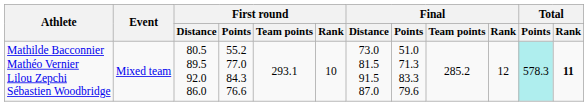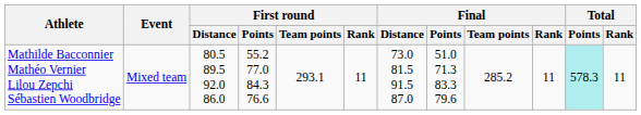 <table class="wikitable" style="font-size:90%">
 <tr>
 <th rowspan=2>Athlete</th>
 <th rowspan=2>Event</th>
 <th colspan="4">First round</th>
 <th colspan="4">Final</th>
 <th colspan=2>Total</th>
 </tr>
 <tr style="font-size:95%">
 <th>Distance</th>
 <th>Points</th>
 <th>Team points</th>
 <th>Rank</th>
 <th>Distance</th>
 <th>Points</th>
 <th>Team points</th>
 <th>Rank</th>
 <th>Points</th>
 <th>Rank</th>
 </tr>
 <tr align=center>
 <td align=left><a href='#'>Mathilde Bacconnier</a><br><a href='#'>Mathéo Vernier</a><br><a href='#'>Lilou Zepchi</a><br><a href='#'>Sébastien Woodbridge</a></td>
 <td align=left><a href='#'>Mixed team</a></td>
 <td>80.5<br>89.5<br>92.0<br>86.0</td>
 <td>55.2<br>77.0<br>84.3<br>76.6</td>
 <td>293.1</td>
-<td>10</td>
+<td>11</td>
 <td>73.0<br>81.5<br>91.5<br>87.0</td>
 <td>51.0 <br>71.3<br>83.3<br>79.6</td>
 <td>285.2</td>
-<td>12</td>
+<td>11</td>
 <td style="background: paleturquoise;">578.3</td>
-<td><strong>11</strong></td>
+<td>11</td>
 </tr>
 </table>
